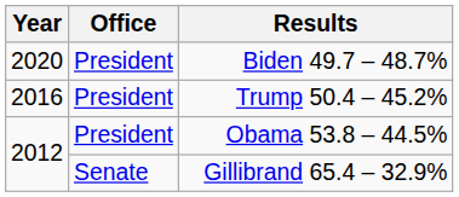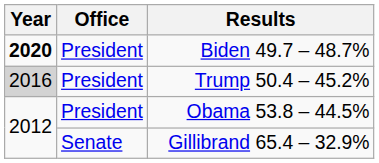 <table class=wikitable>
 <tr>
 <th width="30">Year</th>
 <th width="60">Office</th>
 <th width="180">Results</th>
 </tr>
 <tr>
-<td>2020</td>
+<td><strong>2020</strong></td>
 <td><a href='#'>President</a></td>
 <td align="right" ><a href='#'>Biden</a> 49.7 – 48.7%</td>
 </tr>
 <tr>
-<td>2016</td>
+<td style="background: lightgrey;">2016</td>
 <td><a href='#'>President</a></td>
 <td align="right" ><a href='#'>Trump</a> 50.4 – 45.2%</td>
 </tr>
 <tr>
 <td rowspan="2">2012</td>
 <td><a href='#'>President</a></td>
 <td align="right" ><a href='#'>Obama</a> 53.8 – 44.5%</td>
 </tr>
 <tr>
 <td><a href='#'>Senate</a></td>
 <td align="right" ><a href='#'>Gillibrand</a> 65.4 – 32.9%</td>
 </tr>
 </table>
